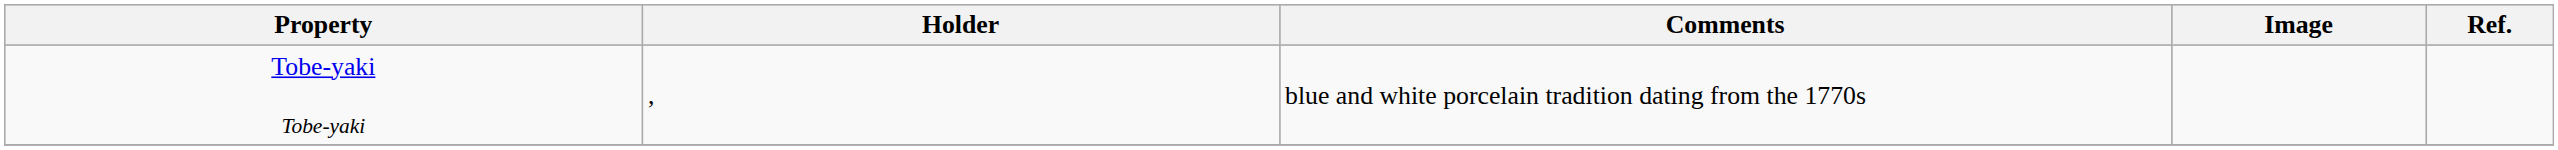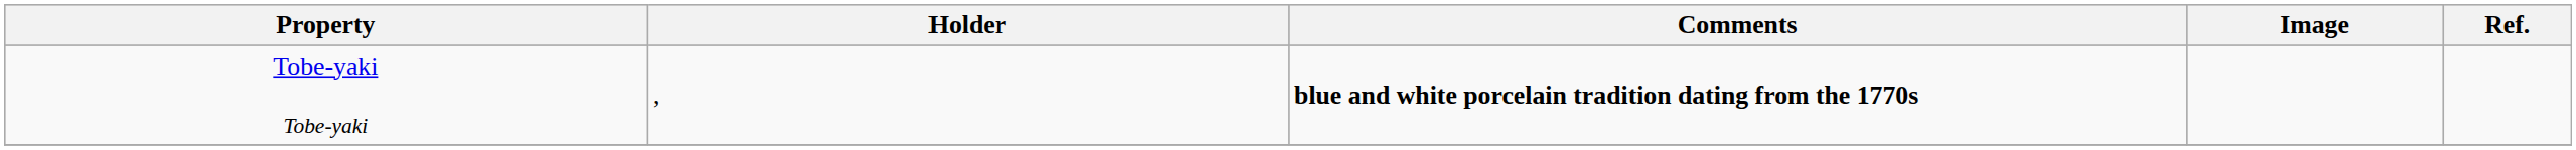 <table class="wikitable sortable"  style="width:100%;">
 <tr>
 <th width="25%" align="left">Property</th>
 <th width="25%" align="left">Holder</th>
 <th width="35%" align="left" class="unsortable">Comments</th>
 <th width="10%" align="left" class="unsortable">Image</th>
 <th width="5%" align="left" class="unsortable">Ref.</th>
 </tr>
 <tr>
 <td align="center"><a href='#'>Tobe-yaki</a><br><br><small><em>Tobe-yaki</em></small></td>
 <td>, </td>
-<td>blue and white porcelain tradition dating from the 1770s</td>
+<td><strong>blue and white porcelain tradition dating from the 1770s</strong></td>
 <td></td>
 <td></td>
 </tr>
 <tr>
 </tr>
 </table>
